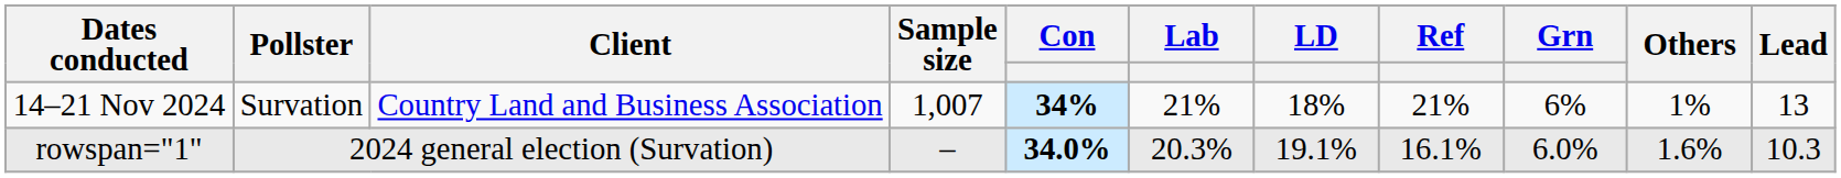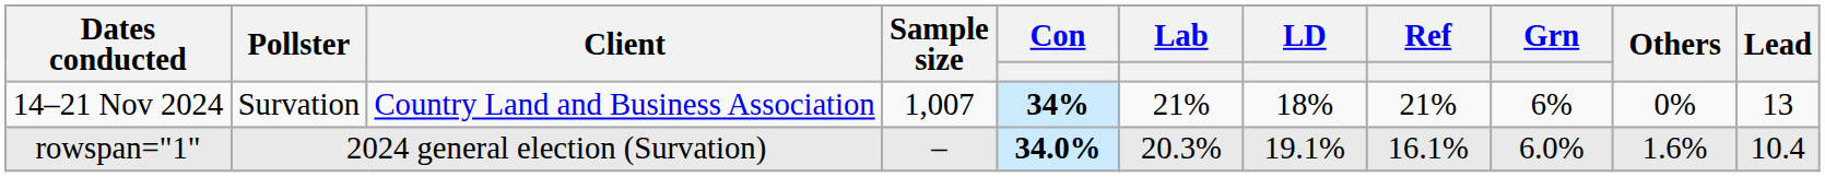 <table class="wikitable sortable mw-datatable" style="text-align:center; font-size:90%; line-height:14px;">
 <tr>
 <th rowspan="2">Dates <br>conducted</th>
 <th rowspan="2">Pollster</th>
 <th rowspan="2">Client</th>
 <th data-sort-type="number" rowspan="2">Sample <br>size</th>
 <th class="unsortable" style="width:50px;"><a href='#'>Con</a></th>
 <th class="unsortable" style="width:50px;"><a href='#'>Lab</a></th>
 <th class="unsortable" style="width:50px;"><a href='#'>LD</a></th>
 <th class="unsortable" style="width:50px;"><a href='#'>Ref</a></th>
 <th class="unsortable" style="width:50px;"><a href='#'>Grn</a></th>
 <th rowspan="2" class="unsortable" style="width:50px;">Others</th>
 <th data-sort-type="number" rowspan="2">Lead</th>
 </tr>
 <tr>
 <th data-sort-type="number" style="background:"></th>
 <th data-sort-type="number" style="background:"></th>
 <th data-sort-type="number" style="background:"></th>
 <th data-sort-type="number" style="background:"></th>
 <th data-sort-type="number" style="background:"></th>
 </tr>
 <tr>
 <td>14–21 Nov 2024</td>
 <td>Survation</td>
 <td><a href='#'>Country Land and Business Association</a></td>
 <td>1,007</td>
 <td style="background:#CCEBFF;"><strong>34%</strong></td>
 <td>21%</td>
 <td>18%</td>
 <td>21%</td>
 <td>6%</td>
-<td>1%</td>
+<td>0%</td>
 <td style="background:">13</td>
 </tr>
 <tr style="background:#e9e9e9;">
 <td>rowspan="1" </td>
 <td colspan="2">2024 general election (Survation)</td>
 <td>–</td>
 <td style="background:#CCEBFF;"><strong>34.0%</strong></td>
 <td>20.3%</td>
 <td>19.1%</td>
 <td>16.1%</td>
 <td>6.0%</td>
 <td>1.6%</td>
-<td style="background:">10.3</td>
+<td style="background:">10.4</td>
 </tr>
 </table>
